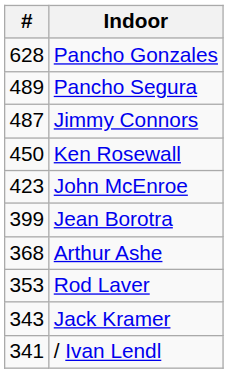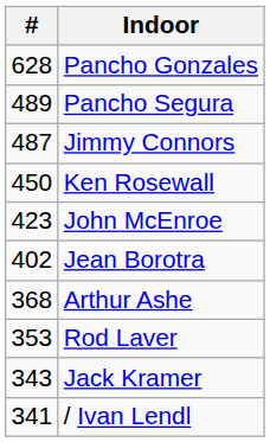 <table class=wikitable style="display:inline-table;">
 <tr>
 <th>#</th>
 <th>Indoor</th>
 </tr>
 <tr>
 <td>628</td>
 <td> <a href='#'>Pancho Gonzales</a></td>
 </tr>
 <tr>
 <td>489</td>
 <td> <a href='#'>Pancho Segura</a></td>
 </tr>
 <tr>
 <td>487</td>
 <td> <a href='#'>Jimmy Connors</a></td>
 </tr>
 <tr>
 <td>450</td>
 <td> <a href='#'>Ken Rosewall</a></td>
 </tr>
 <tr>
 <td>423</td>
 <td> <a href='#'>John McEnroe</a></td>
 </tr>
 <tr>
-<td>399</td>
+<td>402</td>
 <td> <a href='#'>Jean Borotra</a></td>
 </tr>
 <tr>
 <td>368</td>
 <td> <a href='#'>Arthur Ashe</a></td>
 </tr>
 <tr>
 <td>353</td>
 <td> <a href='#'>Rod Laver</a></td>
 </tr>
 <tr>
 <td>343</td>
 <td> <a href='#'>Jack Kramer</a></td>
 </tr>
 <tr>
 <td>341</td>
 <td>/ <a href='#'>Ivan Lendl</a></td>
 </tr>
 </table>
